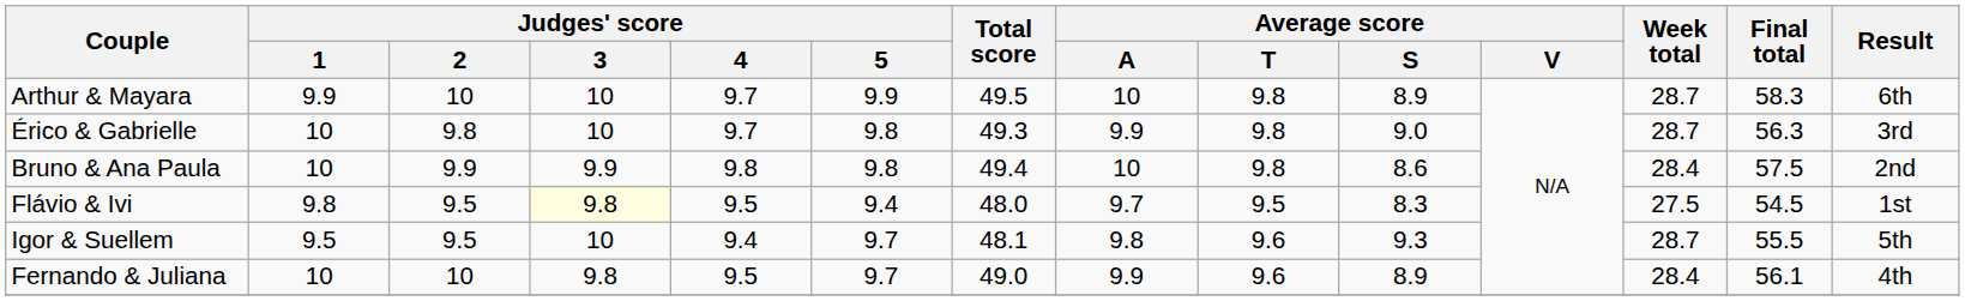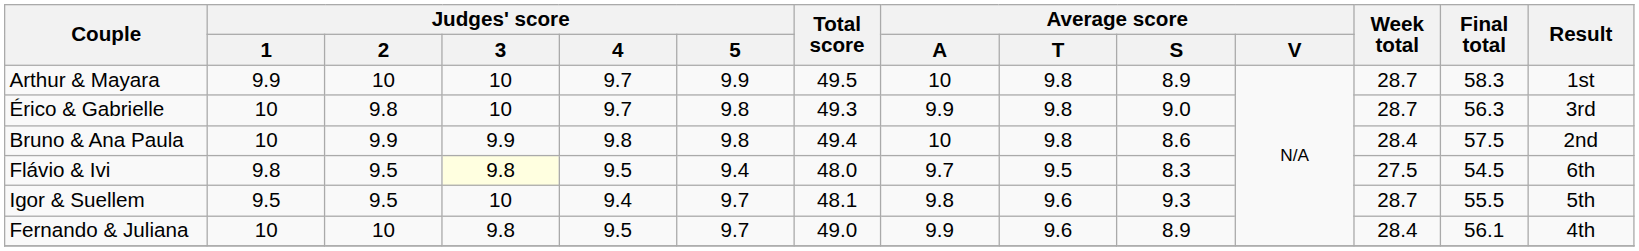 <table class="wikitable" style="font-size:100%; line-height:16px; text-align:center" width="100%">
 <tr>
 <th rowspan=2 width=150>Couple</th>
 <th colspan=5 width=185>Judges' score</th>
 <th rowspan=2 width=060>Total score</th>
 <th colspan=4 width=148>Average score</th>
 <th rowspan=2 width=060>Week total</th>
 <th rowspan=2 width=060>Final total</th>
 <th rowspan=2 width=075>Result</th>
 </tr>
 <tr>
 <th>1</th>
 <th>2</th>
 <th>3</th>
 <th>4</th>
 <th>5</th>
 <th>A</th>
 <th>T</th>
 <th>S</th>
 <th>V</th>
 </tr>
 <tr>
 <td align="left">Arthur & Mayara</td>
 <td>9.9</td>
 <td>10</td>
 <td>10</td>
 <td>9.7</td>
 <td>9.9</td>
 <td>49.5</td>
 <td>10</td>
 <td>9.8</td>
 <td>8.9</td>
 <td rowspan=6><small>N/A</small></td>
 <td>28.7</td>
 <td>58.3</td>
-<td>6th</td>
+<td>1st</td>
 </tr>
 <tr>
 <td align="left">Érico & Gabrielle</td>
 <td>10</td>
 <td>9.8</td>
 <td>10</td>
 <td>9.7</td>
 <td>9.8</td>
 <td>49.3</td>
 <td>9.9</td>
 <td>9.8</td>
 <td>9.0</td>
 <td>28.7</td>
 <td>56.3</td>
 <td>3rd</td>
 </tr>
 <tr>
 <td align="left">Bruno & Ana Paula</td>
 <td>10</td>
 <td>9.9</td>
 <td>9.9</td>
 <td>9.8</td>
 <td>9.8</td>
 <td>49.4</td>
 <td>10</td>
 <td>9.8</td>
 <td>8.6</td>
 <td>28.4</td>
 <td>57.5</td>
 <td>2nd</td>
 </tr>
 <tr>
 <td align="left">Flávio & Ivi</td>
 <td>9.8</td>
 <td>9.5</td>
 <td style="background: lightyellow;">9.8</td>
 <td>9.5</td>
 <td>9.4</td>
 <td>48.0</td>
 <td>9.7</td>
 <td>9.5</td>
 <td>8.3</td>
 <td>27.5</td>
 <td>54.5</td>
-<td>1st</td>
+<td>6th</td>
 </tr>
 <tr>
 <td align="left">Igor & Suellem</td>
 <td>9.5</td>
 <td>9.5</td>
 <td>10</td>
 <td>9.4</td>
 <td>9.7</td>
 <td>48.1</td>
 <td>9.8</td>
 <td>9.6</td>
 <td>9.3</td>
 <td>28.7</td>
 <td>55.5</td>
 <td>5th</td>
 </tr>
 <tr>
 <td align="left">Fernando & Juliana</td>
 <td>10</td>
 <td>10</td>
 <td>9.8</td>
 <td>9.5</td>
 <td>9.7</td>
 <td>49.0</td>
 <td>9.9</td>
 <td>9.6</td>
 <td>8.9</td>
 <td>28.4</td>
 <td>56.1</td>
 <td>4th</td>
 </tr>
 <tr>
 </tr>
 </table>
